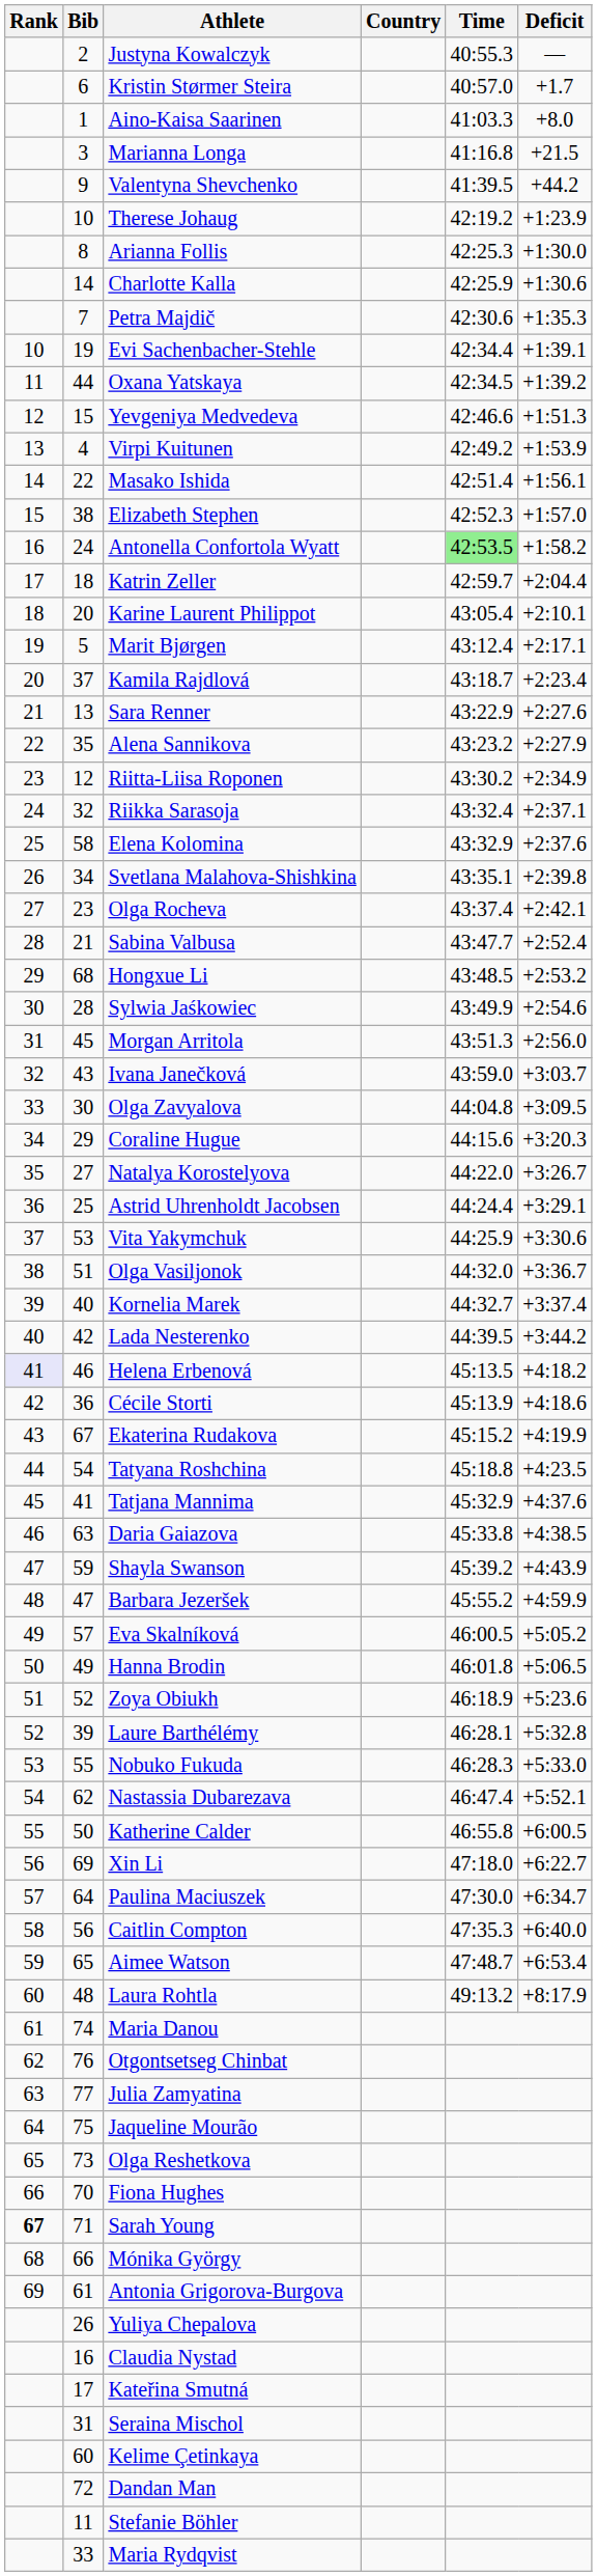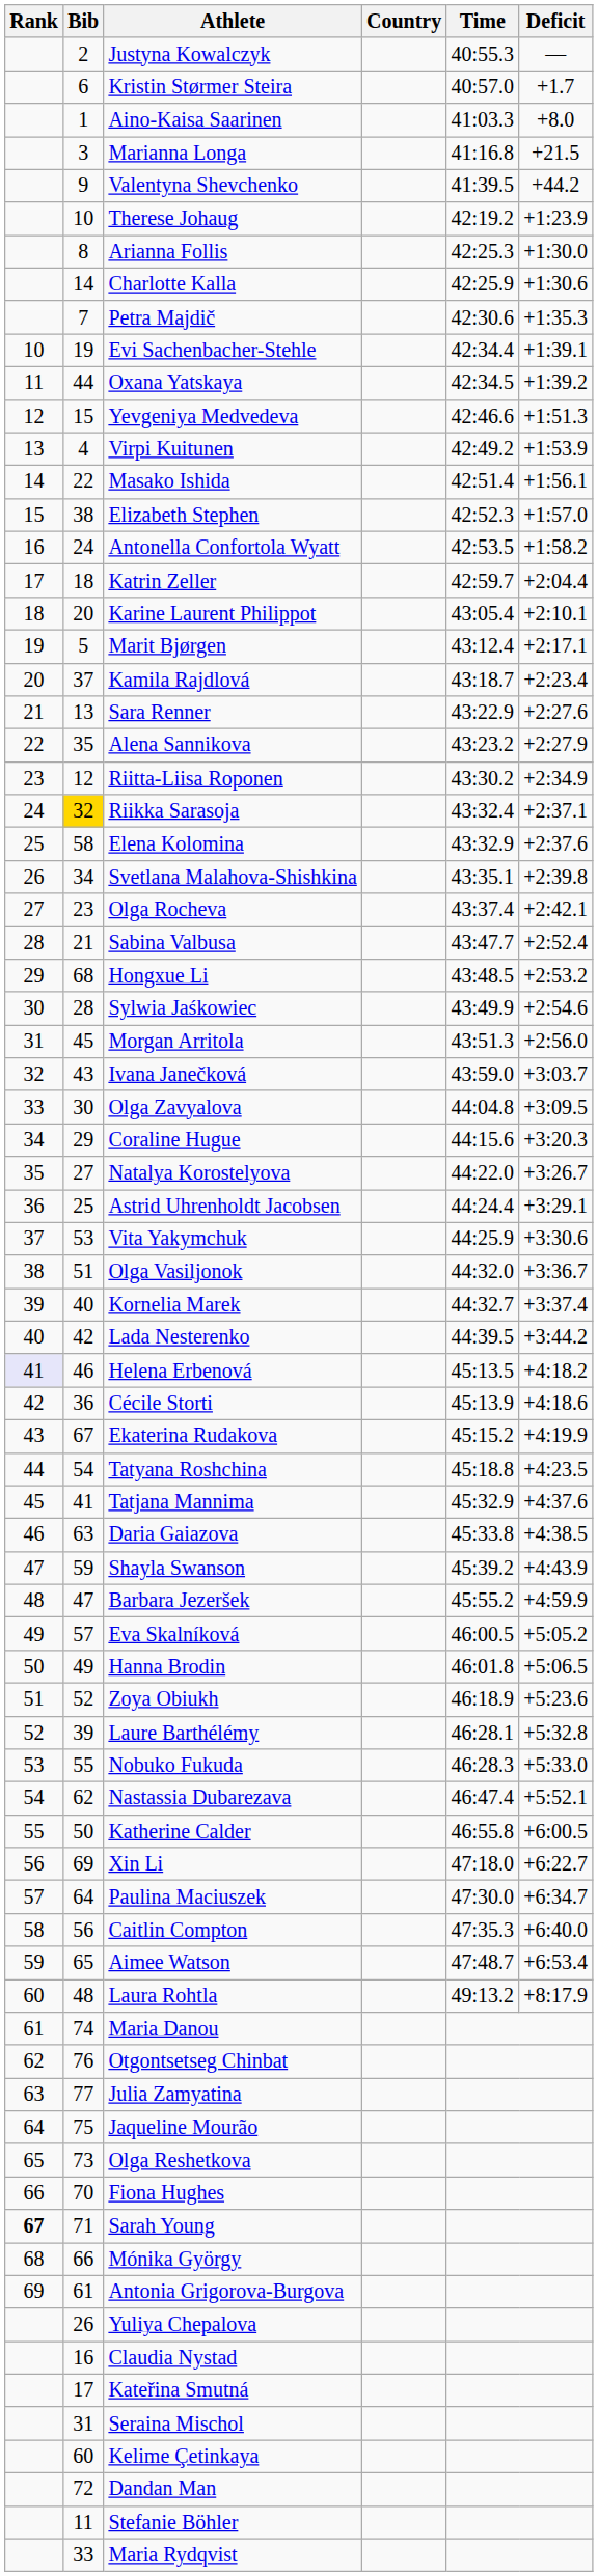 <table class="wikitable sortable" style="text-align:center">
 <tr>
 <th>Rank</th>
 <th>Bib</th>
 <th>Athlete</th>
 <th>Country</th>
 <th>Time</th>
 <th>Deficit</th>
 </tr>
 <tr>
 <td></td>
 <td>2</td>
 <td align=left><a href='#'>Justyna Kowalczyk</a></td>
 <td align=left></td>
 <td>40:55.3</td>
 <td>—</td>
 </tr>
 <tr>
 <td></td>
 <td>6</td>
 <td align=left><a href='#'>Kristin Størmer Steira</a></td>
 <td align=left></td>
 <td>40:57.0</td>
 <td>+1.7</td>
 </tr>
 <tr>
 <td></td>
 <td>1</td>
 <td align=left><a href='#'>Aino-Kaisa Saarinen</a></td>
 <td align=left></td>
 <td>41:03.3</td>
 <td>+8.0</td>
 </tr>
 <tr>
 <td></td>
 <td>3</td>
 <td align=left><a href='#'>Marianna Longa</a></td>
 <td align=left></td>
 <td>41:16.8</td>
 <td>+21.5</td>
 </tr>
 <tr>
 <td></td>
 <td>9</td>
 <td align=left><a href='#'>Valentyna Shevchenko</a></td>
 <td align=left></td>
 <td>41:39.5</td>
 <td>+44.2</td>
 </tr>
 <tr>
 <td></td>
 <td>10</td>
 <td align=left><a href='#'>Therese Johaug</a></td>
 <td align=left></td>
 <td>42:19.2</td>
 <td>+1:23.9</td>
 </tr>
 <tr>
 <td></td>
 <td>8</td>
 <td align=left><a href='#'>Arianna Follis</a></td>
 <td align=left></td>
 <td>42:25.3</td>
 <td>+1:30.0</td>
 </tr>
 <tr>
 <td></td>
 <td>14</td>
 <td align=left><a href='#'>Charlotte Kalla</a></td>
 <td align=left></td>
 <td>42:25.9</td>
 <td>+1:30.6</td>
 </tr>
 <tr>
 <td></td>
 <td>7</td>
 <td align=left><a href='#'>Petra Majdič</a></td>
 <td align=left></td>
 <td>42:30.6</td>
 <td>+1:35.3</td>
 </tr>
 <tr>
 <td>10</td>
 <td>19</td>
 <td align=left><a href='#'>Evi Sachenbacher-Stehle</a></td>
 <td align=left></td>
 <td>42:34.4</td>
 <td>+1:39.1</td>
 </tr>
 <tr>
 <td>11</td>
 <td>44</td>
 <td align=left><a href='#'>Oxana Yatskaya</a></td>
 <td align=left></td>
 <td>42:34.5</td>
 <td>+1:39.2</td>
 </tr>
 <tr>
 <td>12</td>
 <td>15</td>
 <td align=left><a href='#'>Yevgeniya Medvedeva</a></td>
 <td align=left></td>
 <td>42:46.6</td>
 <td>+1:51.3</td>
 </tr>
 <tr>
 <td>13</td>
 <td>4</td>
 <td align=left><a href='#'>Virpi Kuitunen</a></td>
 <td align=left></td>
 <td>42:49.2</td>
 <td>+1:53.9</td>
 </tr>
 <tr>
 <td>14</td>
 <td>22</td>
 <td align=left><a href='#'>Masako Ishida</a></td>
 <td align=left></td>
 <td>42:51.4</td>
 <td>+1:56.1</td>
 </tr>
 <tr>
 <td>15</td>
 <td>38</td>
 <td align=left><a href='#'>Elizabeth Stephen</a></td>
 <td align=left></td>
 <td>42:52.3</td>
 <td>+1:57.0</td>
 </tr>
 <tr>
 <td>16</td>
 <td>24</td>
 <td align=left><a href='#'>Antonella Confortola Wyatt</a></td>
 <td align=left></td>
-<td style="background: lightgreen;">42:53.5</td>
+<td>42:53.5</td>
 <td>+1:58.2</td>
 </tr>
 <tr>
 <td>17</td>
 <td>18</td>
 <td align=left><a href='#'>Katrin Zeller</a></td>
 <td align=left></td>
 <td>42:59.7</td>
 <td>+2:04.4</td>
 </tr>
 <tr>
 <td>18</td>
 <td>20</td>
 <td align=left><a href='#'>Karine Laurent Philippot</a></td>
 <td align=left></td>
 <td>43:05.4</td>
 <td>+2:10.1</td>
 </tr>
 <tr>
 <td>19</td>
 <td>5</td>
 <td align=left><a href='#'>Marit Bjørgen</a></td>
 <td align=left></td>
 <td>43:12.4</td>
 <td>+2:17.1</td>
 </tr>
 <tr>
 <td>20</td>
 <td>37</td>
 <td align=left><a href='#'>Kamila Rajdlová</a></td>
 <td align=left></td>
 <td>43:18.7</td>
 <td>+2:23.4</td>
 </tr>
 <tr>
 <td>21</td>
 <td>13</td>
 <td align=left><a href='#'>Sara Renner</a></td>
 <td align=left></td>
 <td>43:22.9</td>
 <td>+2:27.6</td>
 </tr>
 <tr>
 <td>22</td>
 <td>35</td>
 <td align=left><a href='#'>Alena Sannikova</a></td>
 <td align=left></td>
 <td>43:23.2</td>
 <td>+2:27.9</td>
 </tr>
 <tr>
 <td>23</td>
 <td>12</td>
 <td align=left><a href='#'>Riitta-Liisa Roponen</a></td>
 <td align=left></td>
 <td>43:30.2</td>
 <td>+2:34.9</td>
 </tr>
 <tr>
 <td>24</td>
-<td>32</td>
+<td style="background: gold;">32</td>
 <td align=left><a href='#'>Riikka Sarasoja</a></td>
 <td align=left></td>
 <td>43:32.4</td>
 <td>+2:37.1</td>
 </tr>
 <tr>
 <td>25</td>
 <td>58</td>
 <td align=left><a href='#'>Elena Kolomina</a></td>
 <td align=left></td>
 <td>43:32.9</td>
 <td>+2:37.6</td>
 </tr>
 <tr>
 <td>26</td>
 <td>34</td>
 <td align=left><a href='#'>Svetlana Malahova-Shishkina</a></td>
 <td align=left></td>
 <td>43:35.1</td>
 <td>+2:39.8</td>
 </tr>
 <tr>
 <td>27</td>
 <td>23</td>
 <td align=left><a href='#'>Olga Rocheva</a></td>
 <td align=left></td>
 <td>43:37.4</td>
 <td>+2:42.1</td>
 </tr>
 <tr>
 <td>28</td>
 <td>21</td>
 <td align=left><a href='#'>Sabina Valbusa</a></td>
 <td align=left></td>
 <td>43:47.7</td>
 <td>+2:52.4</td>
 </tr>
 <tr>
 <td>29</td>
 <td>68</td>
 <td align=left><a href='#'>Hongxue Li</a></td>
 <td align=left></td>
 <td>43:48.5</td>
 <td>+2:53.2</td>
 </tr>
 <tr>
 <td>30</td>
 <td>28</td>
 <td align=left><a href='#'>Sylwia Jaśkowiec</a></td>
 <td align=left></td>
 <td>43:49.9</td>
 <td>+2:54.6</td>
 </tr>
 <tr>
 <td>31</td>
 <td>45</td>
 <td align=left><a href='#'>Morgan Arritola</a></td>
 <td align=left></td>
 <td>43:51.3</td>
 <td>+2:56.0</td>
 </tr>
 <tr>
 <td>32</td>
 <td>43</td>
 <td align=left><a href='#'>Ivana Janečková</a></td>
 <td align=left></td>
 <td>43:59.0</td>
 <td>+3:03.7</td>
 </tr>
 <tr>
 <td>33</td>
 <td>30</td>
 <td align=left><a href='#'>Olga Zavyalova</a></td>
 <td align=left></td>
 <td>44:04.8</td>
 <td>+3:09.5</td>
 </tr>
 <tr>
 <td>34</td>
 <td>29</td>
 <td align=left><a href='#'>Coraline Hugue</a></td>
 <td align=left></td>
 <td>44:15.6</td>
 <td>+3:20.3</td>
 </tr>
 <tr>
 <td>35</td>
 <td>27</td>
 <td align=left><a href='#'>Natalya Korostelyova</a></td>
 <td align=left></td>
 <td>44:22.0</td>
 <td>+3:26.7</td>
 </tr>
 <tr>
 <td>36</td>
 <td>25</td>
 <td align=left><a href='#'>Astrid Uhrenholdt Jacobsen</a></td>
 <td align=left></td>
 <td>44:24.4</td>
 <td>+3:29.1</td>
 </tr>
 <tr>
 <td>37</td>
 <td>53</td>
 <td align=left><a href='#'>Vita Yakymchuk</a></td>
 <td align=left></td>
 <td>44:25.9</td>
 <td>+3:30.6</td>
 </tr>
 <tr>
 <td>38</td>
 <td>51</td>
 <td align=left><a href='#'>Olga Vasiljonok</a></td>
 <td align=left></td>
 <td>44:32.0</td>
 <td>+3:36.7</td>
 </tr>
 <tr>
 <td>39</td>
 <td>40</td>
 <td align=left><a href='#'>Kornelia Marek</a></td>
 <td align=left></td>
 <td>44:32.7</td>
 <td>+3:37.4</td>
 </tr>
 <tr>
 <td>40</td>
 <td>42</td>
 <td align=left><a href='#'>Lada Nesterenko</a></td>
 <td align=left></td>
 <td>44:39.5</td>
 <td>+3:44.2</td>
 </tr>
 <tr>
 <td style="background: lavender;">41</td>
 <td>46</td>
 <td align=left><a href='#'>Helena Erbenová</a></td>
 <td align=left></td>
 <td>45:13.5</td>
 <td>+4:18.2</td>
 </tr>
 <tr>
 <td>42</td>
 <td>36</td>
 <td align=left><a href='#'>Cécile Storti</a></td>
 <td align=left></td>
 <td>45:13.9</td>
 <td>+4:18.6</td>
 </tr>
 <tr>
 <td>43</td>
 <td>67</td>
 <td align=left><a href='#'>Ekaterina Rudakova</a></td>
 <td align=left></td>
 <td>45:15.2</td>
 <td>+4:19.9</td>
 </tr>
 <tr>
 <td>44</td>
 <td>54</td>
 <td align=left><a href='#'>Tatyana Roshchina</a></td>
 <td align=left></td>
 <td>45:18.8</td>
 <td>+4:23.5</td>
 </tr>
 <tr>
 <td>45</td>
 <td>41</td>
 <td align=left><a href='#'>Tatjana Mannima</a></td>
 <td align=left></td>
 <td>45:32.9</td>
 <td>+4:37.6</td>
 </tr>
 <tr>
 <td>46</td>
 <td>63</td>
 <td align=left><a href='#'>Daria Gaiazova</a></td>
 <td align=left></td>
 <td>45:33.8</td>
 <td>+4:38.5</td>
 </tr>
 <tr>
 <td>47</td>
 <td>59</td>
 <td align=left><a href='#'>Shayla Swanson</a></td>
 <td align=left></td>
 <td>45:39.2</td>
 <td>+4:43.9</td>
 </tr>
 <tr>
 <td>48</td>
 <td>47</td>
 <td align=left><a href='#'>Barbara Jezeršek</a></td>
 <td align=left></td>
 <td>45:55.2</td>
 <td>+4:59.9</td>
 </tr>
 <tr>
 <td>49</td>
 <td>57</td>
 <td align=left><a href='#'>Eva Skalníková</a></td>
 <td align=left></td>
 <td>46:00.5</td>
 <td>+5:05.2</td>
 </tr>
 <tr>
 <td>50</td>
 <td>49</td>
 <td align=left><a href='#'>Hanna Brodin</a></td>
 <td align=left></td>
 <td>46:01.8</td>
 <td>+5:06.5</td>
 </tr>
 <tr>
 <td>51</td>
 <td>52</td>
 <td align=left><a href='#'>Zoya Obiukh</a></td>
 <td align=left></td>
 <td>46:18.9</td>
 <td>+5:23.6</td>
 </tr>
 <tr>
 <td>52</td>
 <td>39</td>
 <td align=left><a href='#'>Laure Barthélémy</a></td>
 <td align=left></td>
 <td>46:28.1</td>
 <td>+5:32.8</td>
 </tr>
 <tr>
 <td>53</td>
 <td>55</td>
 <td align=left><a href='#'>Nobuko Fukuda</a></td>
 <td align=left></td>
 <td>46:28.3</td>
 <td>+5:33.0</td>
 </tr>
 <tr>
 <td>54</td>
 <td>62</td>
 <td align=left><a href='#'>Nastassia Dubarezava</a></td>
 <td align=left></td>
 <td>46:47.4</td>
 <td>+5:52.1</td>
 </tr>
 <tr>
 <td>55</td>
 <td>50</td>
 <td align=left><a href='#'>Katherine Calder</a></td>
 <td align=left></td>
 <td>46:55.8</td>
 <td>+6:00.5</td>
 </tr>
 <tr>
 <td>56</td>
 <td>69</td>
 <td align=left><a href='#'>Xin Li</a></td>
 <td align=left></td>
 <td>47:18.0</td>
 <td>+6:22.7</td>
 </tr>
 <tr>
 <td>57</td>
 <td>64</td>
 <td align=left><a href='#'>Paulina Maciuszek</a></td>
 <td align=left></td>
 <td>47:30.0</td>
 <td>+6:34.7</td>
 </tr>
 <tr>
 <td>58</td>
 <td>56</td>
 <td align=left><a href='#'>Caitlin Compton</a></td>
 <td align=left></td>
 <td>47:35.3</td>
 <td>+6:40.0</td>
 </tr>
 <tr>
 <td>59</td>
 <td>65</td>
 <td align=left><a href='#'>Aimee Watson</a></td>
 <td align=left></td>
 <td>47:48.7</td>
 <td>+6:53.4</td>
 </tr>
 <tr>
 <td>60</td>
 <td>48</td>
 <td align=left><a href='#'>Laura Rohtla</a></td>
 <td align=left></td>
 <td>49:13.2</td>
 <td>+8:17.9</td>
 </tr>
 <tr>
 <td>61</td>
 <td>74</td>
 <td align=left><a href='#'>Maria Danou</a></td>
 <td align=left></td>
 <td colspan="2"></td>
 </tr>
 <tr>
 <td>62</td>
 <td>76</td>
 <td align=left><a href='#'>Otgontsetseg Chinbat</a></td>
 <td align=left></td>
 <td colspan="2"></td>
 </tr>
 <tr>
 <td>63</td>
 <td>77</td>
 <td align=left><a href='#'>Julia Zamyatina</a></td>
 <td align=left></td>
 <td colspan="2"></td>
 </tr>
 <tr>
 <td>64</td>
 <td>75</td>
 <td align=left><a href='#'>Jaqueline Mourão</a></td>
 <td align=left></td>
 <td colspan="2"></td>
 </tr>
 <tr>
 <td>65</td>
 <td>73</td>
 <td align=left><a href='#'>Olga Reshetkova</a></td>
 <td align=left></td>
 <td colspan="2"></td>
 </tr>
 <tr>
 <td>66</td>
 <td>70</td>
 <td align=left><a href='#'>Fiona Hughes</a></td>
 <td align=left></td>
 <td colspan="2"></td>
 </tr>
 <tr>
 <td><strong>67</strong></td>
 <td>71</td>
 <td align=left><a href='#'>Sarah Young</a></td>
 <td align=left></td>
 <td colspan="2"></td>
 </tr>
 <tr>
 <td>68</td>
 <td>66</td>
 <td align=left><a href='#'>Mónika György</a></td>
 <td align=left></td>
 <td colspan="2"></td>
 </tr>
 <tr>
 <td>69</td>
 <td>61</td>
 <td align=left><a href='#'>Antonia Grigorova-Burgova</a></td>
 <td align=left></td>
 <td colspan="2"></td>
 </tr>
 <tr>
 <td></td>
 <td>26</td>
 <td align=left><a href='#'>Yuliya Chepalova</a></td>
 <td align=left></td>
 <td colspan="2"></td>
 </tr>
 <tr>
 <td></td>
 <td>16</td>
 <td align=left><a href='#'>Claudia Nystad</a></td>
 <td align=left></td>
 <td colspan="2"></td>
 </tr>
 <tr>
 <td></td>
 <td>17</td>
 <td align=left><a href='#'>Kateřina Smutná</a></td>
 <td align=left></td>
 <td colspan="2"></td>
 </tr>
 <tr>
 <td></td>
 <td>31</td>
 <td align=left><a href='#'>Seraina Mischol</a></td>
 <td align=left></td>
 <td colspan="2"></td>
 </tr>
 <tr>
 <td></td>
 <td>60</td>
 <td align=left><a href='#'>Kelime Çetinkaya</a></td>
 <td align=left></td>
 <td colspan="2"></td>
 </tr>
 <tr>
 <td></td>
 <td>72</td>
 <td align=left><a href='#'>Dandan Man</a></td>
 <td align=left></td>
 <td colspan="2"></td>
 </tr>
 <tr>
 <td></td>
 <td>11</td>
 <td align=left><a href='#'>Stefanie Böhler</a></td>
 <td align=left></td>
 <td colspan="2"></td>
 </tr>
 <tr>
 <td></td>
 <td>33</td>
 <td align=left><a href='#'>Maria Rydqvist</a></td>
 <td align=left></td>
 <td colspan="2"></td>
 </tr>
 </table>
